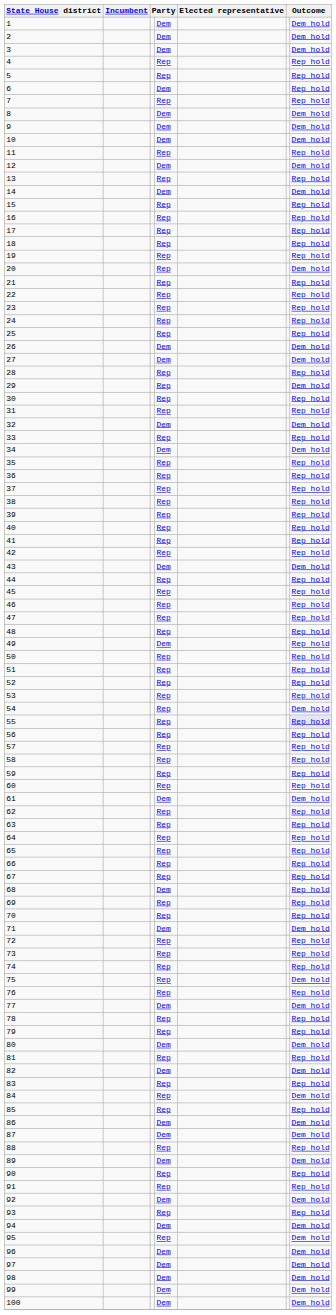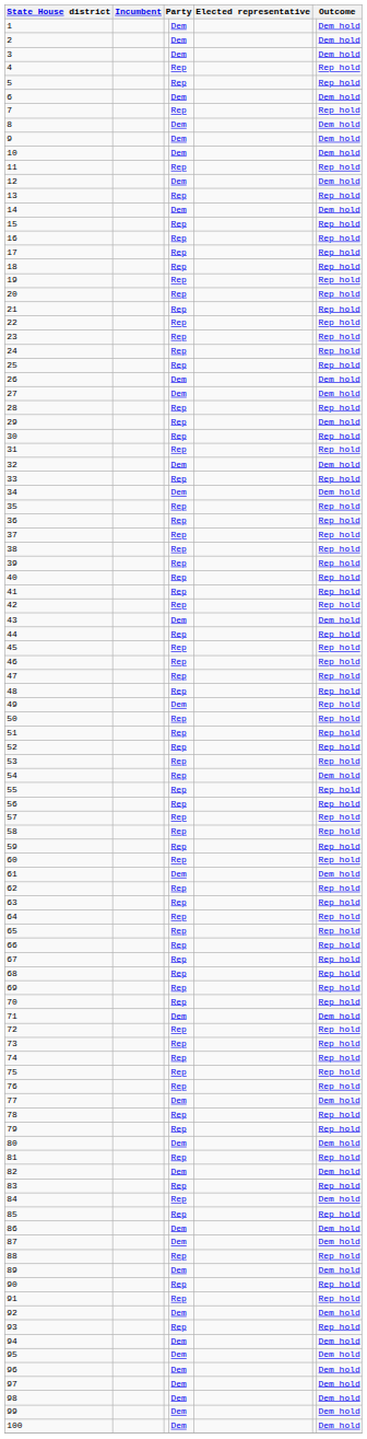 <table class="wikitable sortable">
 <tr>
 <th><a href='#'>State House</a> district</th>
 <th><a href='#'>Incumbent</a></th>
 <th colspan="2">Party</th>
 <th>Elected representative</th>
 <th colspan="2">Outcome</th>
 </tr>
 <tr>
 <td>1</td>
 <td></td>
 <td style="background:"></td>
 <td><a href='#'>Dem</a></td>
 <td></td>
 <td style="background:"></td>
 <td><a href='#'>Dem hold</a></td>
 </tr>
 <tr>
 <td>2</td>
 <td></td>
 <td style="background:"></td>
 <td><a href='#'>Dem</a></td>
 <td></td>
 <td style="background:"></td>
 <td><a href='#'>Dem hold</a></td>
 </tr>
 <tr>
 <td>3</td>
 <td></td>
 <td style="background:"></td>
 <td><a href='#'>Dem</a></td>
 <td></td>
 <td style="background:"></td>
 <td><a href='#'>Dem hold</a></td>
 </tr>
 <tr>
 <td>4</td>
 <td></td>
 <td style="background:"></td>
 <td><a href='#'>Rep</a></td>
 <td></td>
 <td style="background:"></td>
 <td><a href='#'>Rep hold</a></td>
 </tr>
 <tr>
 <td>5</td>
 <td></td>
 <td style="background:"></td>
 <td><a href='#'>Rep</a></td>
 <td></td>
 <td style="background:"></td>
 <td><a href='#'>Rep hold</a></td>
 </tr>
 <tr>
 <td>6</td>
 <td></td>
 <td style="background:"></td>
 <td><a href='#'>Dem</a></td>
 <td></td>
 <td style="background:"></td>
-<td><a href='#'>Rep hold</a></td>
+<td><a href='#'>Dem hold</a></td>
 </tr>
 <tr>
 <td>7</td>
 <td></td>
 <td style="background:"></td>
 <td><a href='#'>Rep</a></td>
 <td></td>
 <td style="background:"></td>
 <td><a href='#'>Rep hold</a></td>
 </tr>
 <tr>
 <td>8</td>
 <td></td>
 <td style="background:"></td>
 <td><a href='#'>Dem</a></td>
 <td></td>
 <td style="background:"></td>
 <td><a href='#'>Dem hold</a></td>
 </tr>
 <tr>
 <td>9</td>
 <td></td>
 <td style="background:"></td>
 <td><a href='#'>Dem</a></td>
 <td></td>
 <td style="background:"></td>
 <td><a href='#'>Dem hold</a></td>
 </tr>
 <tr>
 <td>10</td>
 <td></td>
 <td style="background:"></td>
 <td><a href='#'>Dem</a></td>
 <td></td>
 <td style="background:"></td>
 <td><a href='#'>Dem hold</a></td>
 </tr>
 <tr>
 <td>11</td>
 <td></td>
 <td style="background:"></td>
 <td><a href='#'>Rep</a></td>
 <td></td>
 <td style="background:"></td>
 <td><a href='#'>Rep hold</a></td>
 </tr>
 <tr>
 <td>12</td>
 <td></td>
 <td style="background:"></td>
 <td><a href='#'>Dem</a></td>
 <td></td>
 <td style="background:"></td>
 <td><a href='#'>Dem hold</a></td>
 </tr>
 <tr>
 <td>13</td>
 <td></td>
 <td style="background:"></td>
 <td><a href='#'>Rep</a></td>
 <td><em></em></td>
 <td style="background:"></td>
 <td><a href='#'>Rep hold</a></td>
 </tr>
 <tr>
 <td>14</td>
 <td></td>
 <td style="background:"></td>
 <td><a href='#'>Dem</a></td>
 <td></td>
 <td style="background:"></td>
 <td><a href='#'>Dem hold</a></td>
 </tr>
 <tr>
 <td>15</td>
 <td></td>
 <td style="background:"></td>
 <td><a href='#'>Rep</a></td>
 <td></td>
 <td style="background:"></td>
 <td><a href='#'>Rep hold</a></td>
 </tr>
 <tr>
 <td>16</td>
 <td></td>
 <td style="background:"></td>
 <td><a href='#'>Rep</a></td>
 <td></td>
 <td style="background:"></td>
 <td><a href='#'>Rep hold</a></td>
 </tr>
 <tr>
 <td>17</td>
 <td></td>
 <td style="background:"></td>
 <td><a href='#'>Rep</a></td>
 <td></td>
 <td style="background:"></td>
 <td><a href='#'>Rep hold</a></td>
 </tr>
 <tr>
 <td>18</td>
 <td></td>
 <td style="background:"></td>
 <td><a href='#'>Rep</a></td>
 <td></td>
 <td style="background:"></td>
 <td><a href='#'>Rep hold</a></td>
 </tr>
 <tr>
 <td>19</td>
 <td></td>
 <td style="background:"></td>
 <td><a href='#'>Rep</a></td>
 <td></td>
 <td style="background:"></td>
 <td><a href='#'>Rep hold</a></td>
 </tr>
 <tr>
 <td>20</td>
 <td></td>
 <td style="background:"></td>
 <td><a href='#'>Rep</a></td>
 <td></td>
 <td style="background:"></td>
-<td><a href='#'>Dem hold</a></td>
+<td><a href='#'>Rep hold</a></td>
 </tr>
 <tr>
 <td>21</td>
 <td></td>
 <td style="background:"></td>
 <td><a href='#'>Rep</a></td>
 <td></td>
 <td style="background:"></td>
 <td><a href='#'>Rep hold</a></td>
 </tr>
 <tr>
 <td>22</td>
 <td></td>
 <td style="background:"></td>
 <td><a href='#'>Rep</a></td>
 <td></td>
 <td style="background:"></td>
 <td><a href='#'>Rep hold</a></td>
 </tr>
 <tr>
 <td>23</td>
 <td></td>
 <td style="background:"></td>
 <td><a href='#'>Rep</a></td>
 <td></td>
 <td style="background:"></td>
 <td><a href='#'>Rep hold</a></td>
 </tr>
 <tr>
 <td>24</td>
 <td></td>
 <td style="background:"></td>
 <td><a href='#'>Rep</a></td>
 <td><em></em></td>
 <td style="background:"></td>
 <td><a href='#'>Rep hold</a></td>
 </tr>
 <tr>
 <td>25</td>
 <td></td>
 <td style="background:"></td>
 <td><a href='#'>Rep</a></td>
 <td></td>
 <td style="background:"></td>
 <td><a href='#'>Rep hold</a></td>
 </tr>
 <tr>
 <td>26</td>
 <td></td>
 <td style="background:"></td>
 <td><a href='#'>Dem</a></td>
 <td></td>
 <td style="background:"></td>
 <td><a href='#'>Dem hold</a></td>
 </tr>
 <tr>
 <td>27</td>
 <td></td>
 <td style="background:"></td>
 <td><a href='#'>Dem</a></td>
 <td></td>
 <td style="background:"></td>
 <td><a href='#'>Dem hold</a></td>
 </tr>
 <tr>
 <td>28</td>
 <td></td>
 <td style="background:"></td>
 <td><a href='#'>Rep</a></td>
 <td></td>
 <td style="background:"></td>
 <td><a href='#'>Rep hold</a></td>
 </tr>
 <tr>
 <td>29</td>
 <td></td>
 <td style="background:"></td>
 <td><a href='#'>Rep</a></td>
 <td><em></em></td>
 <td style="background:"></td>
 <td><a href='#'>Dem hold</a></td>
 </tr>
 <tr>
 <td>30</td>
 <td></td>
 <td style="background:"></td>
 <td><a href='#'>Rep</a></td>
 <td></td>
 <td style="background:"></td>
 <td><a href='#'>Rep hold</a></td>
 </tr>
 <tr>
 <td>31</td>
 <td></td>
 <td style="background:"></td>
 <td><a href='#'>Rep</a></td>
 <td></td>
 <td style="background:"></td>
 <td><a href='#'>Rep hold</a></td>
 </tr>
 <tr>
 <td>32</td>
 <td></td>
 <td style="background:"></td>
 <td><a href='#'>Dem</a></td>
 <td></td>
 <td style="background:"></td>
 <td><a href='#'>Dem hold</a></td>
 </tr>
 <tr>
 <td>33</td>
 <td></td>
 <td style="background:"></td>
 <td><a href='#'>Rep</a></td>
 <td></td>
 <td style="background:"></td>
 <td><a href='#'>Rep hold</a></td>
 </tr>
 <tr>
 <td>34</td>
 <td></td>
 <td style="background:"></td>
 <td><a href='#'>Dem</a></td>
 <td></td>
 <td style="background:"></td>
 <td><a href='#'>Dem hold</a></td>
 </tr>
 <tr>
 <td>35</td>
 <td></td>
 <td style="background:"></td>
 <td><a href='#'>Rep</a></td>
 <td></td>
 <td style="background:"></td>
 <td><a href='#'>Rep hold</a></td>
 </tr>
 <tr>
 <td>36</td>
 <td></td>
 <td style="background:"></td>
 <td><a href='#'>Rep</a></td>
 <td></td>
 <td style="background:"></td>
 <td><a href='#'>Rep hold</a></td>
 </tr>
 <tr>
 <td>37</td>
 <td></td>
 <td style="background:"></td>
 <td><a href='#'>Rep</a></td>
 <td></td>
 <td style="background:"></td>
 <td><a href='#'>Rep hold</a></td>
 </tr>
 <tr>
 <td>38</td>
 <td></td>
 <td style="background:"></td>
 <td><a href='#'>Rep</a></td>
 <td></td>
 <td style="background:"></td>
 <td><a href='#'>Rep hold</a></td>
 </tr>
 <tr>
 <td>39</td>
 <td></td>
 <td style="background:"></td>
 <td><a href='#'>Rep</a></td>
 <td><em></em></td>
 <td style="background:"></td>
 <td><a href='#'>Rep hold</a></td>
 </tr>
 <tr>
 <td>40</td>
 <td></td>
 <td style="background:"></td>
 <td><a href='#'>Rep</a></td>
 <td></td>
 <td style="background:"></td>
 <td><a href='#'>Rep hold</a></td>
 </tr>
 <tr>
 <td>41</td>
 <td></td>
 <td style="background:"></td>
 <td><a href='#'>Rep</a></td>
 <td></td>
 <td style="background:"></td>
 <td><a href='#'>Rep hold</a></td>
 </tr>
 <tr>
 <td>42</td>
 <td></td>
 <td style="background:"></td>
 <td><a href='#'>Rep</a></td>
 <td></td>
 <td style="background:"></td>
 <td><a href='#'>Rep hold</a></td>
 </tr>
 <tr>
 <td>43</td>
 <td></td>
 <td style="background:"></td>
 <td><a href='#'>Dem</a></td>
 <td></td>
 <td style="background:"></td>
 <td><a href='#'>Dem hold</a></td>
 </tr>
 <tr>
 <td>44</td>
 <td></td>
 <td style="background:"></td>
 <td><a href='#'>Rep</a></td>
 <td></td>
 <td style="background:"></td>
 <td><a href='#'>Rep hold</a></td>
 </tr>
 <tr>
 <td>45</td>
 <td></td>
 <td style="background:"></td>
 <td><a href='#'>Rep</a></td>
 <td></td>
 <td style="background:"></td>
 <td><a href='#'>Rep hold</a></td>
 </tr>
 <tr>
 <td>46</td>
 <td></td>
 <td style="background:"></td>
 <td><a href='#'>Rep</a></td>
 <td></td>
 <td style="background:"></td>
 <td><a href='#'>Rep hold</a></td>
 </tr>
 <tr>
 <td>47</td>
 <td></td>
 <td style="background:"></td>
 <td><a href='#'>Rep</a></td>
 <td></td>
 <td style="background:"></td>
 <td><a href='#'>Rep hold</a></td>
 </tr>
 <tr>
 <td>48</td>
 <td></td>
 <td style="background:"></td>
 <td><a href='#'>Rep</a></td>
 <td></td>
 <td style="background:"></td>
 <td><a href='#'>Rep hold</a></td>
 </tr>
 <tr>
 <td>49</td>
 <td></td>
 <td style="background:"></td>
 <td><a href='#'>Dem</a></td>
 <td></td>
 <td style="background:"></td>
 <td><a href='#'>Rep hold</a></td>
 </tr>
 <tr>
 <td>50</td>
 <td></td>
 <td style="background:"></td>
 <td><a href='#'>Rep</a></td>
 <td></td>
 <td style="background:"></td>
 <td><a href='#'>Rep hold</a></td>
 </tr>
 <tr>
 <td>51</td>
 <td></td>
 <td style="background:"></td>
 <td><a href='#'>Rep</a></td>
 <td><em></em></td>
 <td style="background:"></td>
 <td><a href='#'>Rep hold</a></td>
 </tr>
 <tr>
 <td>52</td>
 <td></td>
 <td style="background:"></td>
 <td><a href='#'>Rep</a></td>
 <td></td>
 <td style="background:"></td>
 <td><a href='#'>Rep hold</a></td>
 </tr>
 <tr>
 <td>53</td>
 <td></td>
 <td style="background:"></td>
 <td><a href='#'>Rep</a></td>
 <td><em></em></td>
 <td style="background:"></td>
 <td><a href='#'>Rep hold</a></td>
 </tr>
 <tr>
 <td>54</td>
 <td></td>
 <td style="background:"></td>
 <td><a href='#'>Rep</a></td>
 <td></td>
 <td style="background:"></td>
 <td><a href='#'>Dem hold</a></td>
 </tr>
 <tr>
 <td>55</td>
 <td></td>
 <td style="background:"></td>
 <td><a href='#'>Rep</a></td>
 <td></td>
 <td style="background:"></td>
-<td style="background: lavender;"><a href='#'>Rep hold</a></td>
+<td><a href='#'>Rep hold</a></td>
 </tr>
 <tr>
 <td>56</td>
 <td></td>
 <td style="background:"></td>
 <td><a href='#'>Rep</a></td>
 <td></td>
 <td style="background:"></td>
 <td><a href='#'>Rep hold</a></td>
 </tr>
 <tr>
 <td>57</td>
 <td></td>
 <td style="background:"></td>
 <td><a href='#'>Rep</a></td>
 <td></td>
 <td style="background:"></td>
 <td><a href='#'>Rep hold</a></td>
 </tr>
 <tr>
 <td>58</td>
 <td></td>
 <td style="background:"></td>
 <td><a href='#'>Rep</a></td>
 <td></td>
 <td style="background:"></td>
 <td><a href='#'>Rep hold</a></td>
 </tr>
 <tr>
 <td>59</td>
 <td></td>
 <td style="background:"></td>
 <td><a href='#'>Rep</a></td>
 <td></td>
 <td style="background:"></td>
 <td><a href='#'>Rep hold</a></td>
 </tr>
 <tr>
 <td>60</td>
 <td></td>
 <td style="background:"></td>
 <td><a href='#'>Rep</a></td>
 <td></td>
 <td style="background:"></td>
 <td><a href='#'>Rep hold</a></td>
 </tr>
 <tr>
 <td>61</td>
 <td></td>
 <td style="background:"></td>
 <td><a href='#'>Dem</a></td>
 <td></td>
 <td style="background:"></td>
 <td><a href='#'>Dem hold</a></td>
 </tr>
 <tr>
 <td>62</td>
 <td></td>
 <td style="background:"></td>
 <td><a href='#'>Rep</a></td>
 <td></td>
 <td style="background:"></td>
 <td><a href='#'>Rep hold</a></td>
 </tr>
 <tr>
 <td>63</td>
 <td></td>
 <td style="background:"></td>
 <td><a href='#'>Rep</a></td>
 <td></td>
 <td style="background:"></td>
 <td><a href='#'>Rep hold</a></td>
 </tr>
 <tr>
 <td>64</td>
 <td></td>
 <td style="background:"></td>
 <td><a href='#'>Rep</a></td>
 <td></td>
 <td style="background:"></td>
 <td><a href='#'>Rep hold</a></td>
 </tr>
 <tr>
 <td>65</td>
 <td></td>
 <td style="background:"></td>
 <td><a href='#'>Rep</a></td>
 <td></td>
 <td style="background:"></td>
 <td><a href='#'>Rep hold</a></td>
 </tr>
 <tr>
 <td>66</td>
 <td></td>
 <td style="background:"></td>
 <td><a href='#'>Rep</a></td>
 <td></td>
 <td style="background:"></td>
 <td><a href='#'>Rep hold</a></td>
 </tr>
 <tr>
 <td>67</td>
 <td></td>
 <td style="background:"></td>
 <td><a href='#'>Rep</a></td>
 <td></td>
 <td style="background:"></td>
 <td><a href='#'>Rep hold</a></td>
 </tr>
 <tr>
 <td>68</td>
 <td></td>
 <td style="background:"></td>
-<td><a href='#'>Dem</a></td>
+<td><a href='#'>Rep</a></td>
 <td><em></em></td>
 <td style="background:"></td>
 <td><a href='#'>Rep hold</a></td>
 </tr>
 <tr>
 <td>69</td>
 <td></td>
 <td style="background:"></td>
 <td><a href='#'>Rep</a></td>
 <td></td>
 <td style="background:"></td>
 <td><a href='#'>Rep hold</a></td>
 </tr>
 <tr>
 <td>70</td>
 <td></td>
 <td style="background:"></td>
 <td><a href='#'>Rep</a></td>
 <td></td>
 <td style="background:"></td>
 <td><a href='#'>Rep hold</a></td>
 </tr>
 <tr>
 <td>71</td>
 <td></td>
 <td style="background:"></td>
 <td><a href='#'>Dem</a></td>
 <td></td>
 <td style="background:"></td>
 <td><a href='#'>Dem hold</a></td>
 </tr>
 <tr>
 <td>72</td>
 <td></td>
 <td style="background:"></td>
 <td><a href='#'>Rep</a></td>
 <td></td>
 <td style="background:"></td>
 <td><a href='#'>Rep hold</a></td>
 </tr>
 <tr>
 <td>73</td>
 <td></td>
 <td style="background:"></td>
 <td><a href='#'>Rep</a></td>
 <td></td>
 <td style="background:"></td>
 <td><a href='#'>Rep hold</a></td>
 </tr>
 <tr>
 <td>74</td>
 <td></td>
 <td style="background:"></td>
 <td><a href='#'>Rep</a></td>
 <td></td>
 <td style="background:"></td>
 <td><a href='#'>Rep hold</a></td>
 </tr>
 <tr>
 <td>75</td>
 <td></td>
 <td style="background:"></td>
 <td><a href='#'>Rep</a></td>
 <td></td>
 <td style="background:"></td>
-<td><a href='#'>Dem hold</a></td>
+<td><a href='#'>Rep hold</a></td>
 </tr>
 <tr>
 <td>76</td>
 <td></td>
 <td style="background:"></td>
 <td><a href='#'>Rep</a></td>
 <td></td>
 <td style="background:"></td>
 <td><a href='#'>Rep hold</a></td>
 </tr>
 <tr>
 <td>77</td>
 <td></td>
 <td style="background:"></td>
 <td><a href='#'>Dem</a></td>
 <td><em></em></td>
 <td style="background:"></td>
 <td><a href='#'>Dem hold</a></td>
 </tr>
 <tr>
 <td>78</td>
 <td></td>
 <td style="background:"></td>
 <td><a href='#'>Rep</a></td>
 <td></td>
 <td style="background:"></td>
 <td><a href='#'>Rep hold</a></td>
 </tr>
 <tr>
 <td>79</td>
 <td></td>
 <td style="background:"></td>
 <td><a href='#'>Rep</a></td>
 <td></td>
 <td style="background:"></td>
 <td><a href='#'>Rep hold</a></td>
 </tr>
 <tr>
 <td>80</td>
 <td></td>
 <td style="background:"></td>
 <td><a href='#'>Dem</a></td>
 <td></td>
 <td style="background:"></td>
 <td><a href='#'>Dem hold</a></td>
 </tr>
 <tr>
 <td>81</td>
 <td></td>
 <td style="background:"></td>
 <td><a href='#'>Rep</a></td>
 <td></td>
 <td style="background:"></td>
 <td><a href='#'>Rep hold</a></td>
 </tr>
 <tr>
 <td>82</td>
 <td></td>
 <td style="background:"></td>
 <td><a href='#'>Dem</a></td>
 <td></td>
 <td style="background:"></td>
 <td><a href='#'>Dem hold</a></td>
 </tr>
 <tr>
 <td>83</td>
 <td></td>
 <td style="background:"></td>
 <td><a href='#'>Rep</a></td>
 <td></td>
 <td style="background:"></td>
 <td><a href='#'>Rep hold</a></td>
 </tr>
 <tr>
 <td>84</td>
 <td></td>
 <td style="background:"></td>
 <td><a href='#'>Rep</a></td>
 <td></td>
 <td style="background:"></td>
 <td><a href='#'>Dem hold</a></td>
 </tr>
 <tr>
 <td>85</td>
 <td></td>
 <td style="background:"></td>
 <td><a href='#'>Rep</a></td>
 <td></td>
 <td style="background:"></td>
 <td><a href='#'>Rep hold</a></td>
 </tr>
 <tr>
 <td>86</td>
 <td></td>
 <td style="background:"></td>
 <td><a href='#'>Dem</a></td>
 <td></td>
 <td style="background:"></td>
 <td><a href='#'>Dem hold</a></td>
 </tr>
 <tr>
 <td>87</td>
 <td></td>
 <td style="background:"></td>
 <td><a href='#'>Dem</a></td>
 <td></td>
 <td style="background:"></td>
 <td><a href='#'>Dem hold</a></td>
 </tr>
 <tr>
 <td>88</td>
 <td></td>
 <td style="background:"></td>
 <td><a href='#'>Rep</a></td>
 <td></td>
 <td style="background:"></td>
 <td><a href='#'>Rep hold</a></td>
 </tr>
 <tr>
 <td>89</td>
 <td></td>
 <td style="background:"></td>
 <td><a href='#'>Dem</a></td>
 <td></td>
 <td style="background:"></td>
 <td><a href='#'>Dem hold</a></td>
 </tr>
 <tr>
 <td>90</td>
 <td></td>
 <td style="background:"></td>
 <td><a href='#'>Rep</a></td>
 <td><em></em></td>
 <td style="background:"></td>
 <td><a href='#'>Rep hold</a></td>
 </tr>
 <tr>
 <td>91</td>
 <td></td>
 <td style="background:"></td>
 <td><a href='#'>Rep</a></td>
 <td></td>
 <td style="background:"></td>
 <td><a href='#'>Rep hold</a></td>
 </tr>
 <tr>
 <td>92</td>
 <td></td>
 <td style="background:"></td>
 <td><a href='#'>Dem</a></td>
 <td></td>
 <td style="background:"></td>
 <td><a href='#'>Dem hold</a></td>
 </tr>
 <tr>
 <td>93</td>
 <td></td>
 <td style="background:"></td>
 <td><a href='#'>Rep</a></td>
 <td></td>
 <td style="background:"></td>
 <td><a href='#'>Rep hold</a></td>
 </tr>
 <tr>
 <td>94</td>
 <td></td>
 <td style="background:"></td>
 <td><a href='#'>Dem</a></td>
 <td></td>
 <td style="background:"></td>
 <td><a href='#'>Dem hold</a></td>
 </tr>
 <tr>
 <td>95</td>
 <td></td>
 <td style="background:"></td>
-<td><a href='#'>Rep</a></td>
+<td><a href='#'>Dem</a></td>
 <td></td>
 <td style="background:"></td>
 <td><a href='#'>Dem hold</a></td>
 </tr>
 <tr>
 <td>96</td>
 <td></td>
 <td style="background:"></td>
 <td><a href='#'>Dem</a></td>
 <td></td>
 <td style="background:"></td>
 <td><a href='#'>Dem hold</a></td>
 </tr>
 <tr>
 <td>97</td>
 <td></td>
 <td style="background:"></td>
 <td><a href='#'>Dem</a></td>
 <td></td>
 <td style="background:"></td>
 <td><a href='#'>Dem hold</a></td>
 </tr>
 <tr>
 <td>98</td>
 <td></td>
 <td style="background:"></td>
 <td><a href='#'>Dem</a></td>
 <td></td>
 <td style="background:"></td>
 <td><a href='#'>Dem hold</a></td>
 </tr>
 <tr>
 <td>99</td>
 <td></td>
 <td style="background:"></td>
 <td><a href='#'>Dem</a></td>
 <td></td>
 <td style="background:"></td>
 <td><a href='#'>Dem hold</a></td>
 </tr>
 <tr>
 <td>100</td>
 <td></td>
 <td style="background:"></td>
 <td><a href='#'>Dem</a></td>
 <td></td>
 <td style="background:"></td>
 <td><a href='#'>Dem hold</a></td>
 </tr>
 <tr>
 </tr>
 </table>
